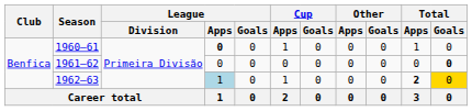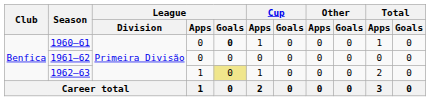 <table class="wikitable" style="text-align: center">
 <tr>
 <th rowspan="2">Club</th>
 <th rowspan="2">Season</th>
 <th colspan="3">League</th>
 <th colspan="2"><a href='#'>Cup</a></th>
 <th colspan="2">Other</th>
 <th colspan="2">Total</th>
 </tr>
 <tr>
 <th>Division</th>
 <th>Apps</th>
 <th>Goals</th>
 <th>Apps</th>
 <th>Goals</th>
 <th>Apps</th>
 <th>Goals</th>
 <th>Apps</th>
 <th>Goals</th>
 </tr>
 <tr>
 <td rowspan="3"><a href='#'>Benfica</a></td>
 <td><a href='#'>1960–61</a></td>
 <td rowspan="3"><a href='#'>Primeira Divisão</a></td>
+<td>0</td>
 <td><strong>0</strong></td>
-<td>0</td>
 <td>1</td>
 <td>0</td>
 <td>0</td>
 <td>0</td>
 <td>1</td>
 <td>0</td>
 </tr>
 <tr>
 <td><a href='#'>1961–62</a></td>
 <td>0</td>
 <td>0</td>
 <td>0</td>
 <td>0</td>
 <td>0</td>
 <td>0</td>
 <td>0</td>
-<td><strong>0</strong></td>
+<td>0</td>
 </tr>
 <tr>
 <td><a href='#'>1962–63</a></td>
-<td style="background: lightblue;">1</td>
-<td>0</td>
+<td>1</td>
+<td style="background: khaki;">0</td>
 <td>1</td>
 <td>0</td>
 <td>0</td>
 <td>0</td>
-<td><strong>2</strong></td>
-<td style="background: gold;">0</td>
+<td>2</td>
+<td>0</td>
 </tr>
 <tr>
 <th colspan="3"><strong>Career total</strong></th>
 <th>1</th>
 <th>0</th>
 <th>2</th>
 <th>0</th>
 <th>0</th>
 <th>0</th>
 <th>3</th>
 <th>0</th>
 </tr>
 </table>
